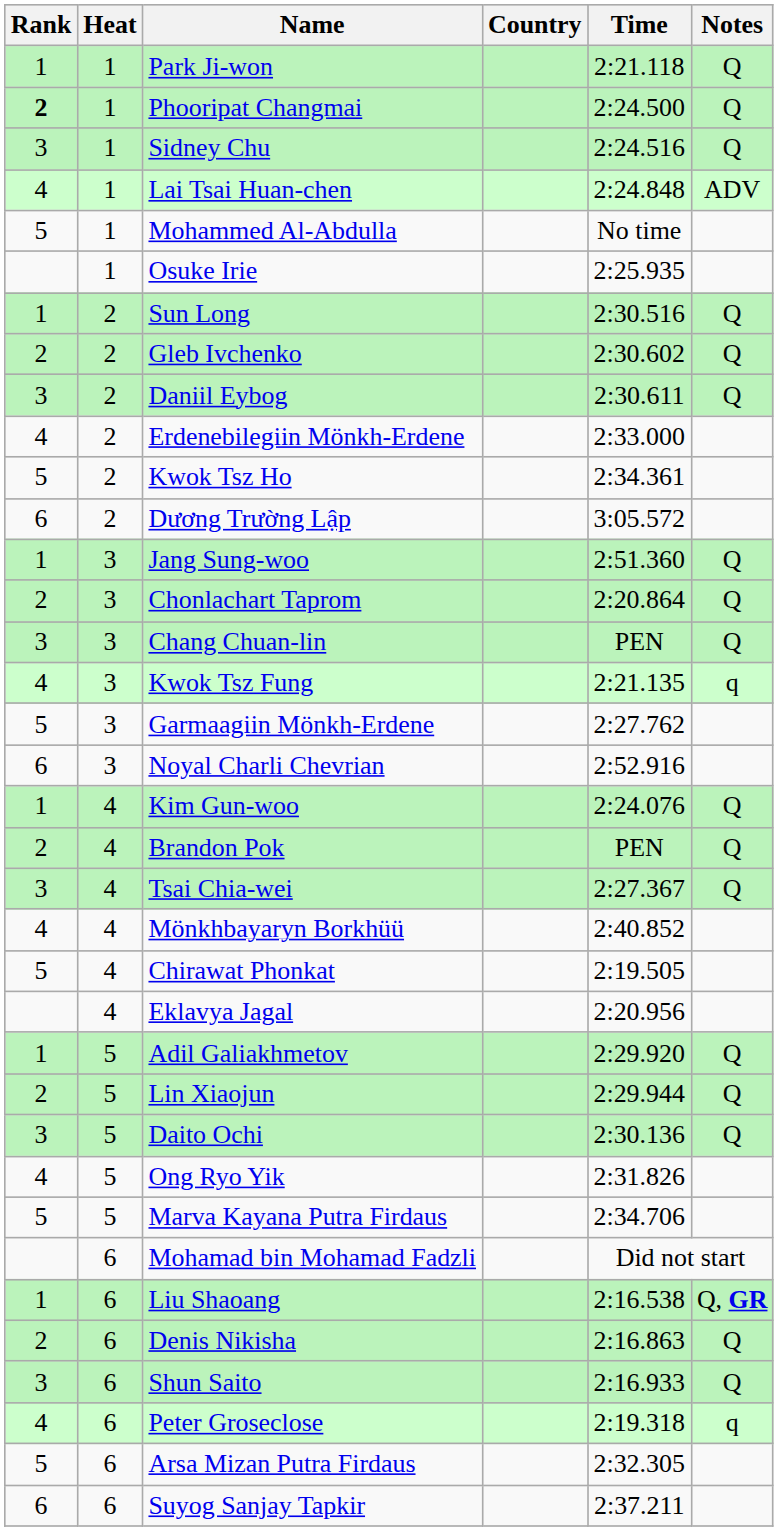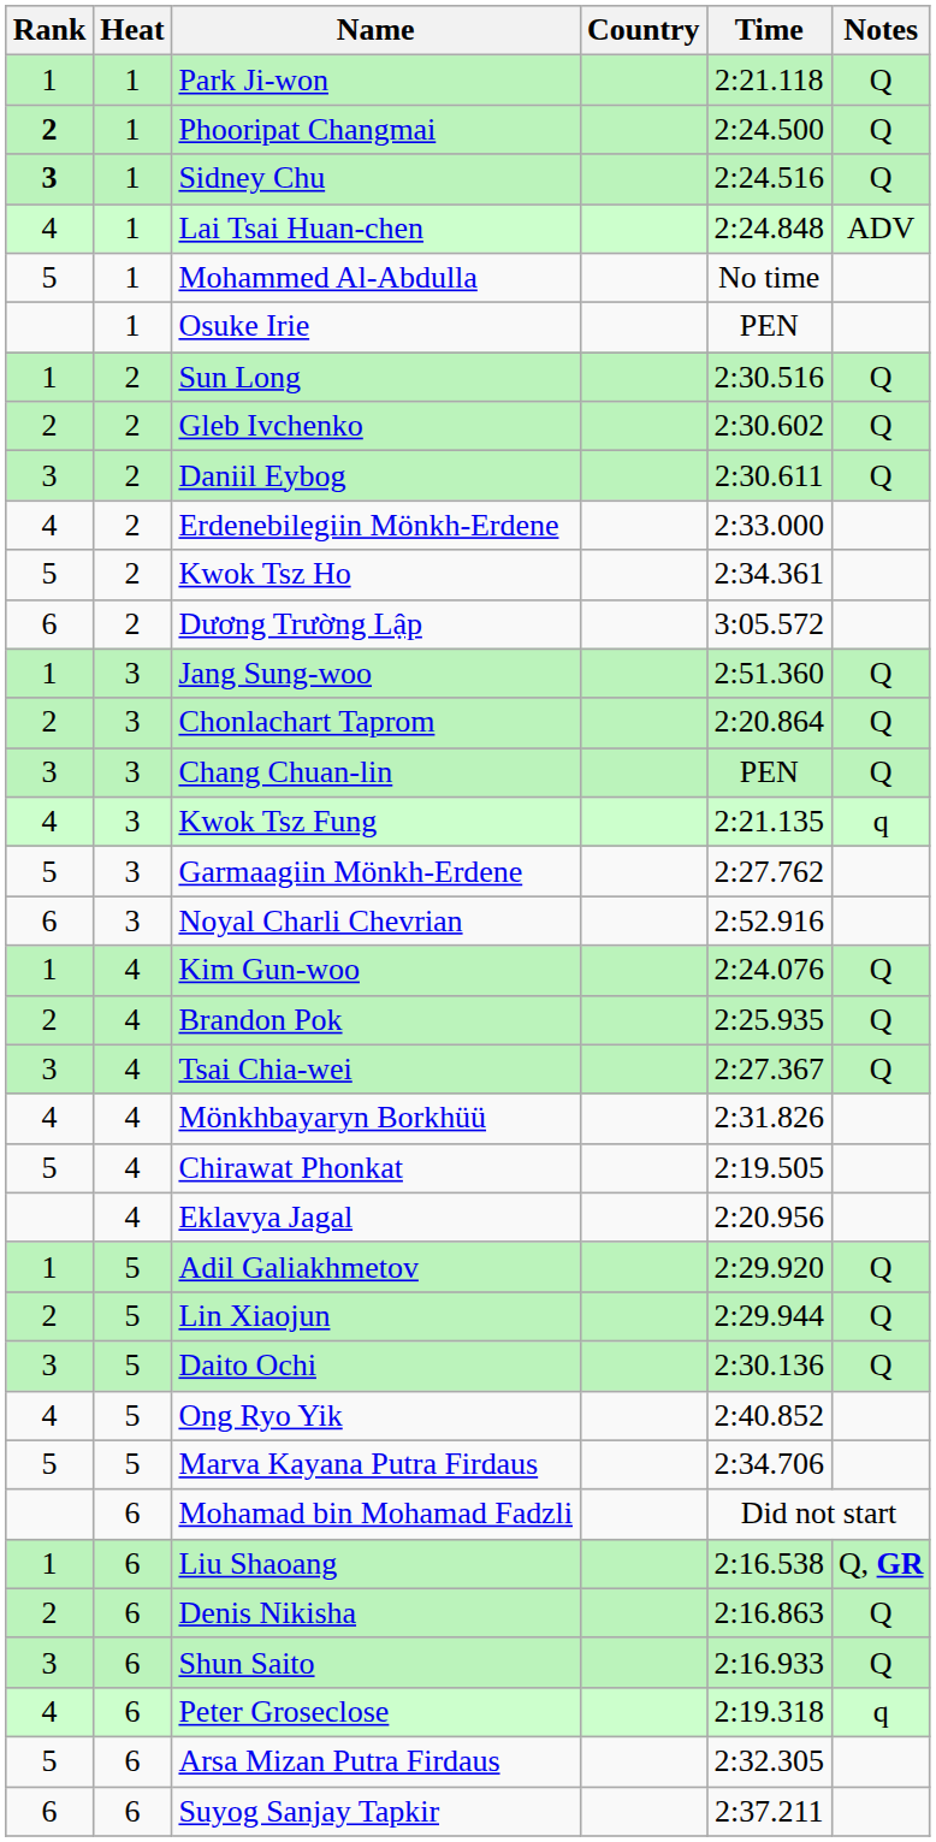 <table class="wikitable sortable" style="text-align:center">
 <tr>
 <th>Rank</th>
 <th>Heat</th>
 <th>Name</th>
 <th>Country</th>
 <th>Time</th>
 <th>Notes</th>
 </tr>
 <tr bgcolor=bbf3bb>
 <td>1</td>
 <td>1</td>
 <td align=left><a href='#'>Park Ji-won</a></td>
 <td align=left></td>
 <td>2:21.118</td>
 <td>Q</td>
 </tr>
 <tr bgcolor=bbf3bb>
 <td><strong>2</strong></td>
 <td>1</td>
 <td align=left><a href='#'>Phooripat Changmai</a></td>
 <td align=left></td>
 <td>2:24.500</td>
 <td>Q</td>
 </tr>
 <tr bgcolor=bbf3bb>
-<td>3</td>
+<td><strong>3</strong></td>
 <td>1</td>
 <td align=left><a href='#'>Sidney Chu</a></td>
 <td align=left></td>
 <td>2:24.516</td>
 <td>Q</td>
 </tr>
 <tr bgcolor=ccffcc>
 <td>4</td>
 <td>1</td>
 <td align=left><a href='#'>Lai Tsai Huan-chen</a></td>
 <td align=left></td>
 <td>2:24.848</td>
 <td>ADV</td>
 </tr>
 <tr>
 <td>5</td>
 <td>1</td>
 <td align=left><a href='#'>Mohammed Al-Abdulla</a></td>
 <td align=left></td>
 <td>No time</td>
 <td></td>
 </tr>
 <tr>
 <td></td>
 <td>1</td>
 <td align=left><a href='#'>Osuke Irie</a></td>
 <td align=left></td>
-<td>2:25.935</td>
+<td>PEN</td>
 <td></td>
 </tr>
 <tr bgcolor=bbf3bb>
 <td>1</td>
 <td>2</td>
 <td align=left><a href='#'>Sun Long</a></td>
 <td align=left></td>
 <td>2:30.516</td>
 <td>Q</td>
 </tr>
 <tr bgcolor=bbf3bb>
 <td>2</td>
 <td>2</td>
 <td align=left><a href='#'>Gleb Ivchenko</a></td>
 <td align=left></td>
 <td>2:30.602</td>
 <td>Q</td>
 </tr>
 <tr bgcolor=bbf3bb>
 <td>3</td>
 <td>2</td>
 <td align=left><a href='#'>Daniil Eybog</a></td>
 <td align=left></td>
 <td>2:30.611</td>
 <td>Q</td>
 </tr>
 <tr>
 <td>4</td>
 <td>2</td>
 <td align=left><a href='#'>Erdenebilegiin Mönkh-Erdene</a></td>
 <td align=left></td>
 <td>2:33.000</td>
 <td></td>
 </tr>
 <tr>
 <td>5</td>
 <td>2</td>
 <td align=left><a href='#'>Kwok Tsz Ho</a></td>
 <td align=left></td>
 <td>2:34.361</td>
 <td></td>
 </tr>
 <tr>
 <td>6</td>
 <td>2</td>
 <td align=left><a href='#'>Dương Trường Lập</a></td>
 <td align=left></td>
 <td>3:05.572</td>
 <td></td>
 </tr>
 <tr bgcolor=bbf3bb>
 <td>1</td>
 <td>3</td>
 <td align=left><a href='#'>Jang Sung-woo</a></td>
 <td align=left></td>
 <td>2:51.360</td>
 <td>Q</td>
 </tr>
 <tr bgcolor=bbf3bb>
 <td>2</td>
 <td>3</td>
 <td align=left><a href='#'>Chonlachart Taprom</a></td>
 <td align=left></td>
 <td>2:20.864</td>
 <td>Q</td>
 </tr>
 <tr bgcolor=bbf3bb>
 <td>3</td>
 <td>3</td>
 <td align=left><a href='#'>Chang Chuan-lin</a></td>
 <td align=left></td>
 <td>PEN</td>
 <td>Q</td>
 </tr>
 <tr bgcolor=ccffcc>
 <td>4</td>
 <td>3</td>
 <td align=left><a href='#'>Kwok Tsz Fung</a></td>
 <td align=left></td>
 <td>2:21.135</td>
 <td>q</td>
 </tr>
 <tr>
 <td>5</td>
 <td>3</td>
 <td align=left><a href='#'>Garmaagiin Mönkh-Erdene</a></td>
 <td align=left></td>
 <td>2:27.762</td>
 <td></td>
 </tr>
 <tr>
 <td>6</td>
 <td>3</td>
 <td align=left><a href='#'>Noyal Charli Chevrian</a></td>
 <td align=left></td>
 <td>2:52.916</td>
 <td></td>
 </tr>
 <tr bgcolor=bbf3bb>
 <td>1</td>
 <td>4</td>
 <td align=left><a href='#'>Kim Gun-woo</a></td>
 <td align=left></td>
 <td>2:24.076</td>
 <td>Q</td>
 </tr>
 <tr bgcolor=bbf3bb>
 <td>2</td>
 <td>4</td>
 <td align=left><a href='#'>Brandon Pok</a></td>
 <td align=left></td>
-<td>PEN</td>
+<td>2:25.935</td>
 <td>Q</td>
 </tr>
 <tr bgcolor=bbf3bb>
 <td>3</td>
 <td>4</td>
 <td align=left><a href='#'>Tsai Chia-wei</a></td>
 <td align=left></td>
 <td>2:27.367</td>
 <td>Q</td>
 </tr>
 <tr>
 <td>4</td>
 <td>4</td>
 <td align=left><a href='#'>Mönkhbayaryn Borkhüü</a></td>
 <td align=left></td>
-<td>2:40.852</td>
+<td>2:31.826</td>
 <td></td>
 </tr>
 <tr>
 <td>5</td>
 <td>4</td>
 <td align=left><a href='#'>Chirawat Phonkat</a></td>
 <td align=left></td>
 <td>2:19.505</td>
 <td></td>
 </tr>
 <tr>
 <td></td>
 <td>4</td>
 <td align=left><a href='#'>Eklavya Jagal</a></td>
 <td align=left></td>
 <td>2:20.956</td>
 <td></td>
 </tr>
 <tr bgcolor=bbf3bb>
 <td>1</td>
 <td>5</td>
 <td align=left><a href='#'>Adil Galiakhmetov</a></td>
 <td align=left></td>
 <td>2:29.920</td>
 <td>Q</td>
 </tr>
 <tr bgcolor=bbf3bb>
 <td>2</td>
 <td>5</td>
 <td align=left><a href='#'>Lin Xiaojun</a></td>
 <td align=left></td>
 <td>2:29.944</td>
 <td>Q</td>
 </tr>
 <tr bgcolor=bbf3bb>
 <td>3</td>
 <td>5</td>
 <td align=left><a href='#'>Daito Ochi</a></td>
 <td align=left></td>
 <td>2:30.136</td>
 <td>Q</td>
 </tr>
 <tr>
 <td>4</td>
 <td>5</td>
 <td align=left><a href='#'>Ong Ryo Yik</a></td>
 <td align=left></td>
-<td>2:31.826</td>
+<td>2:40.852</td>
 <td></td>
 </tr>
 <tr>
 <td>5</td>
 <td>5</td>
 <td align=left><a href='#'>Marva Kayana Putra Firdaus</a></td>
 <td align=left></td>
 <td>2:34.706</td>
 <td></td>
 </tr>
 <tr>
 <td></td>
 <td>6</td>
 <td align=left><a href='#'>Mohamad bin Mohamad Fadzli</a></td>
 <td align=left></td>
 <td colspan=2>Did not start</td>
 </tr>
 <tr bgcolor=bbf3bb>
 <td>1</td>
 <td>6</td>
 <td align=left><a href='#'>Liu Shaoang</a></td>
 <td align=left></td>
 <td>2:16.538</td>
 <td>Q, <strong><a href='#'>GR</a></strong></td>
 </tr>
 <tr bgcolor=bbf3bb>
 <td>2</td>
 <td>6</td>
 <td align=left><a href='#'>Denis Nikisha</a></td>
 <td align=left></td>
 <td>2:16.863</td>
 <td>Q</td>
 </tr>
 <tr bgcolor=bbf3bb>
 <td>3</td>
 <td>6</td>
 <td align=left><a href='#'>Shun Saito</a></td>
 <td align=left></td>
 <td>2:16.933</td>
 <td>Q</td>
 </tr>
 <tr bgcolor=ccffcc>
 <td>4</td>
 <td>6</td>
 <td align=left><a href='#'>Peter Groseclose</a></td>
 <td align=left></td>
 <td>2:19.318</td>
 <td>q</td>
 </tr>
 <tr>
 <td>5</td>
 <td>6</td>
 <td align=left><a href='#'>Arsa Mizan Putra Firdaus</a></td>
 <td align=left></td>
 <td>2:32.305</td>
 <td></td>
 </tr>
 <tr>
 <td>6</td>
 <td>6</td>
 <td align=left><a href='#'>Suyog Sanjay Tapkir</a></td>
 <td align=left></td>
 <td>2:37.211</td>
 <td></td>
 </tr>
 </table>
